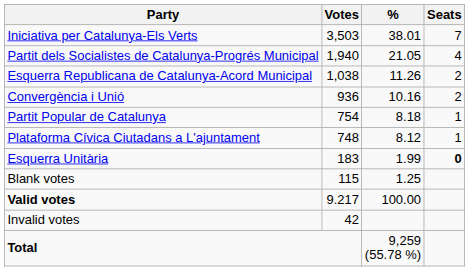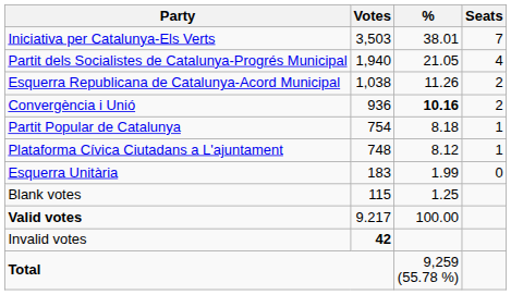 <table class="wikitable" border="1">
 <tr style="background-color:#E9E9E9">
 <th>Party</th>
 <th>Votes</th>
 <th>%</th>
 <th>Seats</th>
 </tr>
 <tr>
 <td><a href='#'>Iniciativa per Catalunya-Els Verts</a></td>
 <td align="right">3,503</td>
 <td align="right">38.01</td>
 <td align="right">7</td>
 </tr>
 <tr>
 <td><a href='#'>Partit dels Socialistes de Catalunya-Progrés Municipal</a></td>
 <td align="right">1,940</td>
 <td align="right">21.05</td>
 <td align="right">4</td>
 </tr>
 <tr>
 <td><a href='#'>Esquerra Republicana de Catalunya-Acord Municipal</a></td>
 <td align="right">1,038</td>
 <td align="right">11.26</td>
 <td align="right">2</td>
 </tr>
 <tr>
 <td><a href='#'>Convergència i Unió</a></td>
 <td align="right">936</td>
-<td align="right">10.16</td>
+<td align="right"><strong>10.16</strong></td>
 <td align="right">2</td>
 </tr>
 <tr>
 <td><a href='#'>Partit Popular de Catalunya</a></td>
 <td align="right">754</td>
 <td align="right">8.18</td>
 <td align="right">1</td>
 </tr>
 <tr>
 <td><a href='#'>Plataforma Cívica Ciutadans a L'ajuntament</a></td>
 <td align="right">748</td>
 <td align="right">8.12</td>
 <td align="right">1</td>
 </tr>
 <tr>
 <td><a href='#'>Esquerra Unitària</a></td>
 <td align="right">183</td>
 <td align="right">1.99</td>
-<td align="right"><strong>0</strong></td>
+<td align="right">0</td>
 </tr>
 <tr>
 <td>Blank votes</td>
 <td align="right">115</td>
 <td align="right">1.25</td>
 <td> </td>
 </tr>
 <tr>
 <td><strong>Valid votes</strong></td>
 <td align="right">9.217</td>
 <td align="right">100.00</td>
 <td> </td>
 </tr>
 <tr>
 <td>Invalid votes</td>
-<td align="right">42</td>
+<td align="right"><strong>42</strong></td>
 <td> </td>
 <td> </td>
 </tr>
 <tr>
 <td colspan="2"><strong>Total</strong></td>
 <td align="right">9,259<br>(55.78 %)</td>
 <td></td>
 </tr>
 </table>
